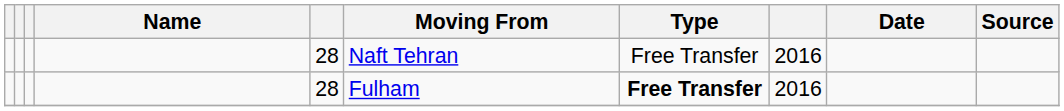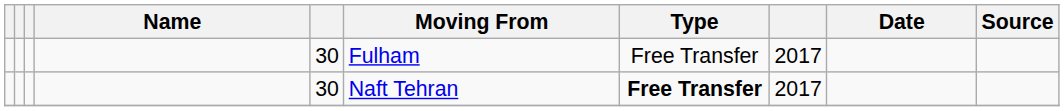 <table class="wikitable plainrowheaders sortable" style="font-size:95%">
 <tr>
 <th></th>
 <th></th>
 <th></th>
 <th scope="col" style="width:190px;">Name</th>
 <th></th>
 <th scope="col" style="width:190px;">Moving From</th>
 <th scope="col" style="width:100px;">Type</th>
 <th></th>
 <th scope="col" style="width:100px;">Date</th>
 <th>Source</th>
 </tr>
 <tr>
 <td align=center></td>
 <td align=center></td>
 <td align=center></td>
 <td></td>
-<td align=center>28</td>
-<td><a href='#'>Naft Tehran</a></td>
+<td align=center>30</td>
+<td> <a href='#'>Fulham</a></td>
 <td align=center>Free Transfer</td>
-<td align=center>2016</td>
+<td align=center>2017</td>
 <td align=center></td>
 <td align=center></td>
 </tr>
 <tr>
 <td align=center></td>
 <td align=center></td>
 <td align=center></td>
 <td></td>
-<td align=center>28</td>
-<td> <a href='#'>Fulham</a></td>
+<td align=center>30</td>
+<td><a href='#'>Naft Tehran</a></td>
 <td align=center><strong>Free Transfer</strong></td>
-<td align=center>2016</td>
+<td align=center>2017</td>
 <td align=center></td>
 <td align=center></td>
 </tr>
 <tr>
 </tr>
 </table>
